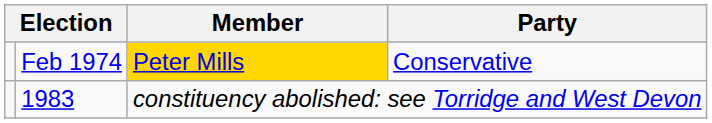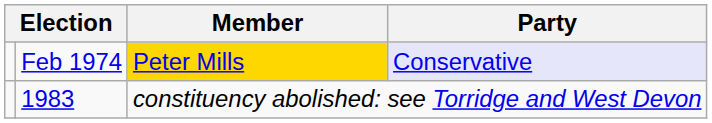 <table class="wikitable">
 <tr>
 <th colspan="2">Election</th>
 <th>Member</th>
 <th>Party</th>
 </tr>
 <tr>
 <td style="color:inherit;background-color: "></td>
 <td><a href='#'>Feb 1974</a></td>
 <td style="background: gold;"><a href='#'>Peter Mills</a></td>
-<td><a href='#'>Conservative</a></td>
+<td style="background: lavender;"><a href='#'>Conservative</a></td>
 </tr>
 <tr>
 <td></td>
 <td><a href='#'>1983</a></td>
 <td colspan="2"><em>constituency abolished: see <a href='#'>Torridge and West Devon</a></em></td>
 </tr>
 </table>
